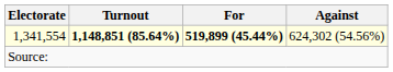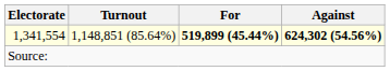 <table class="wikitable">
 <tr>
 <th>Electorate</th>
 <th>Turnout</th>
 <th>For</th>
 <th>Against</th>
 </tr>
 <tr style="background: lightyellow;">
 <td align=right>1,341,554</td>
-<td><strong>1,148,851 (85.64%)</strong></td>
+<td>1,148,851 (85.64%)</td>
 <td><strong>519,899 (45.44%)</strong></td>
-<td>624,302 (54.56%)</td>
+<td><strong>624,302 (54.56%)</strong></td>
 </tr>
 <tr>
 <td colspan=4>Source: </td>
 </tr>
 </table>
